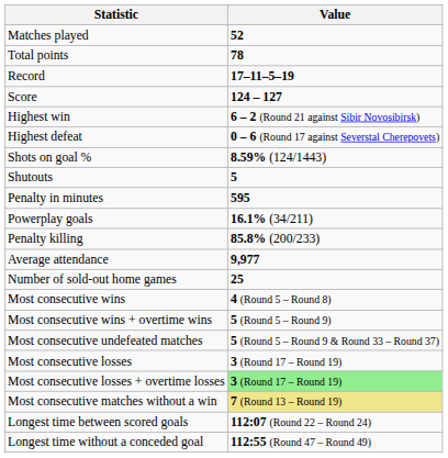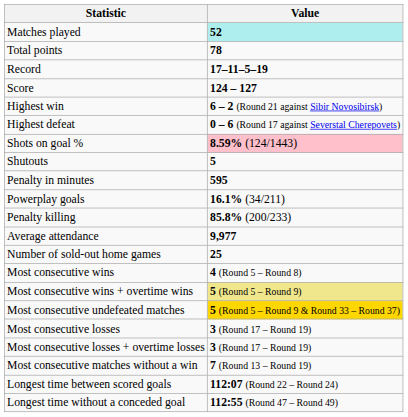 <table class="wikitable">
 <tr>
 <th>Statistic</th>
 <th>Value</th>
 </tr>
 <tr>
 <td>Matches played</td>
-<td><strong>52</strong></td>
+<td style="background: paleturquoise;"><strong>52</strong></td>
 </tr>
 <tr>
 <td>Total points</td>
 <td><strong>78</strong></td>
 </tr>
 <tr>
 <td>Record</td>
 <td><strong>17–11–5–19</strong></td>
 </tr>
 <tr>
 <td>Score</td>
 <td><strong>124 – 127</strong></td>
 </tr>
 <tr>
 <td>Highest win</td>
 <td><strong>6 – 2</strong> <small>(Round 21 against <a href='#'>Sibir Novosibirsk</a>)</small></td>
 </tr>
 <tr>
 <td>Highest defeat</td>
 <td><strong>0 – 6</strong> <small>(Round 17 against <a href='#'>Severstal Cherepovets</a>)</small></td>
 </tr>
 <tr>
 <td>Shots on goal %</td>
-<td><strong>8.59%</strong> (124/1443)</td>
+<td style="background: pink;"><strong>8.59%</strong> (124/1443)</td>
 </tr>
 <tr>
 <td>Shutouts</td>
 <td><strong>5</strong></td>
 </tr>
 <tr>
 <td>Penalty in minutes</td>
 <td><strong>595</strong></td>
 </tr>
 <tr>
 <td>Powerplay goals</td>
 <td><strong>16.1%</strong> (34/211)</td>
 </tr>
 <tr>
 <td>Penalty killing</td>
 <td><strong>85.8%</strong> (200/233)</td>
 </tr>
 <tr>
 <td>Average attendance</td>
 <td><strong>9,977</strong></td>
 </tr>
 <tr>
 <td>Number of sold-out home games</td>
 <td><strong>25</strong></td>
 </tr>
 <tr>
 <td>Most consecutive wins</td>
 <td><strong>4</strong> <small>(Round 5 – Round 8)</small></td>
 </tr>
 <tr>
 <td>Most consecutive wins + overtime wins</td>
-<td><strong>5</strong> <small>(Round 5 – Round 9)</small></td>
+<td style="background: khaki;"><strong>5</strong> <small>(Round 5 – Round 9)</small></td>
 </tr>
 <tr>
 <td>Most consecutive undefeated matches</td>
-<td><strong>5</strong> <small>(Round 5  – Round 9 & Round 33 – Round 37)</small></td>
+<td style="background: gold;"><strong>5</strong> <small>(Round 5  – Round 9 & Round 33 – Round 37)</small></td>
 </tr>
 <tr>
 <td>Most consecutive losses</td>
 <td><strong>3</strong> <small>(Round 17 – Round 19)</small></td>
 </tr>
 <tr>
 <td>Most consecutive losses + overtime losses</td>
-<td style="background: lightgreen;"><strong>3</strong> <small>(Round 17 – Round 19)</small></td>
+<td><strong>3</strong> <small>(Round 17 – Round 19)</small></td>
 </tr>
 <tr>
 <td>Most consecutive matches without a win</td>
-<td style="background: khaki;"><strong>7</strong> <small>(Round 13 – Round 19)</small></td>
+<td><strong>7</strong> <small>(Round 13 – Round 19)</small></td>
 </tr>
 <tr>
 <td>Longest time between scored goals</td>
 <td><strong>112:07</strong> <small>(Round 22 – Round 24)</small></td>
 </tr>
 <tr>
 <td>Longest time without a conceded goal</td>
 <td><strong>112:55</strong> <small>(Round 47 – Round 49)</small></td>
 </tr>
 </table>
